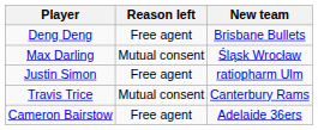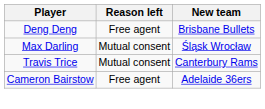 <table class="wikitable sortable sortable" style="text-align: center">
 <tr>
 <th>Player</th>
 <th>Reason left</th>
 <th>New team</th>
 </tr>
 <tr>
 <td><a href='#'>Deng Deng</a></td>
 <td>Free agent</td>
 <td><a href='#'>Brisbane Bullets</a></td>
 </tr>
 <tr>
 <td><a href='#'>Max Darling</a></td>
 <td>Mutual consent</td>
 <td><a href='#'>Śląsk Wrocław</a></td>
 </tr>
 <tr>
-<td><a href='#'>Justin Simon</a></td>
-<td>Free agent</td>
-<td><a href='#'>ratiopharm Ulm</a></td>
-</tr>
-<tr>
 <td><a href='#'>Travis Trice</a></td>
 <td>Mutual consent</td>
 <td><a href='#'>Canterbury Rams</a></td>
 </tr>
 <tr>
 <td><a href='#'>Cameron Bairstow</a></td>
 <td>Free agent</td>
 <td><a href='#'>Adelaide 36ers</a></td>
 </tr>
 </table>
